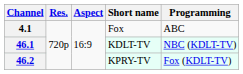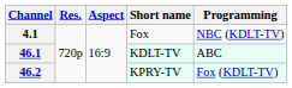 <table class="wikitable">
 <tr>
 <th scope = "col"><a href='#'>Channel</a></th>
 <th scope = "col"><a href='#'>Res.</a></th>
 <th scope = "col"><a href='#'>Aspect</a></th>
 <th scope = "col">Short name</th>
 <th scope = "col">Programming</th>
 </tr>
 <tr>
 <th scope = "row">4.1</th>
 <td rowspan=3>720p</td>
 <td rowspan=3>16:9</td>
 <td>Fox</td>
-<td>ABC</td>
+<td><a href='#'>NBC</a> (<a href='#'>KDLT-TV</a>)</td>
 </tr>
 <tr style="background-color: #E6FFF7;">
 <th scope = "row"><a href='#'>46.1</a></th>
 <td>KDLT-TV</td>
-<td><a href='#'>NBC</a> (<a href='#'>KDLT-TV</a>)</td>
+<td>ABC</td>
 </tr>
 <tr style="background-color: #E6FFF7;">
 <th scope = "row"><a href='#'>46.2</a></th>
 <td>KPRY-TV</td>
 <td><a href='#'>Fox</a> (<a href='#'>KDLT-TV</a>)</td>
 </tr>
 </table>
